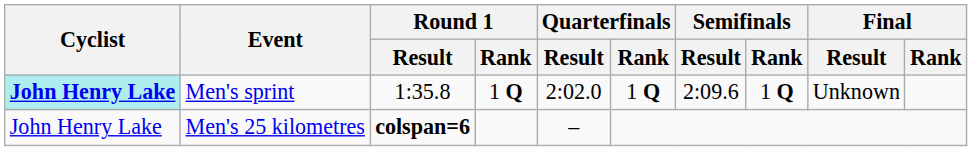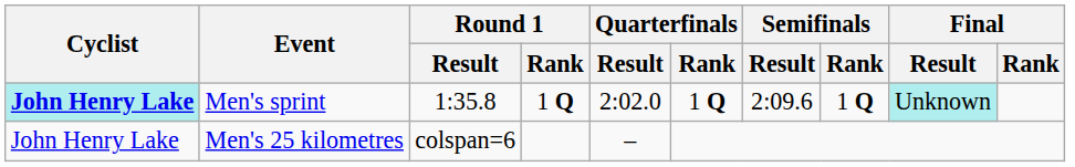 <table class="wikitable sortable" style="text-align:center">
 <tr>
 <th rowspan=2>Cyclist</th>
 <th rowspan=2>Event</th>
 <th colspan=2>Round 1</th>
 <th colspan=2>Quarterfinals</th>
 <th colspan=2>Semifinals</th>
 <th colspan=2>Final</th>
 </tr>
 <tr>
 <th>Result</th>
 <th>Rank</th>
 <th>Result</th>
 <th>Rank</th>
 <th>Result</th>
 <th>Rank</th>
 <th>Result</th>
 <th>Rank</th>
 </tr>
 <tr>
 <td align=left style="background: paleturquoise;"><strong><a href='#'>John Henry Lake</a></strong></td>
 <td align=left><a href='#'>Men's sprint</a></td>
 <td>1:35.8</td>
 <td>1 <strong>Q</strong></td>
 <td>2:02.0</td>
 <td>1 <strong>Q</strong></td>
 <td>2:09.6</td>
 <td>1 <strong>Q</strong></td>
-<td>Unknown</td>
+<td style="background: paleturquoise;">Unknown</td>
 <td></td>
 </tr>
 <tr>
 <td align=left><a href='#'>John Henry Lake</a></td>
 <td align=left><a href='#'>Men's 25 kilometres</a></td>
-<td><strong>colspan=6 </strong></td>
+<td>colspan=6 </td>
 <td></td>
 <td>–</td>
 </tr>
 </table>
